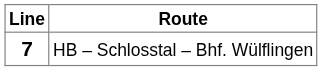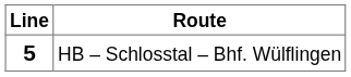 <table border="1" cellspacing="0" cellpadding="3" style="border-collapse:collapse; font-size:95%; margin-left:10px; margin-bottom:5px;">
 <tr>
 <th>Line</th>
 <th>Route</th>
 </tr>
 <tr align=center>
-<td><span><big><strong>7</strong></big></span></td>
+<td><span><big><strong>5</strong></big></span></td>
 <td>HB – Schlosstal – Bhf. Wülflingen</td>
 </tr>
 </table>
